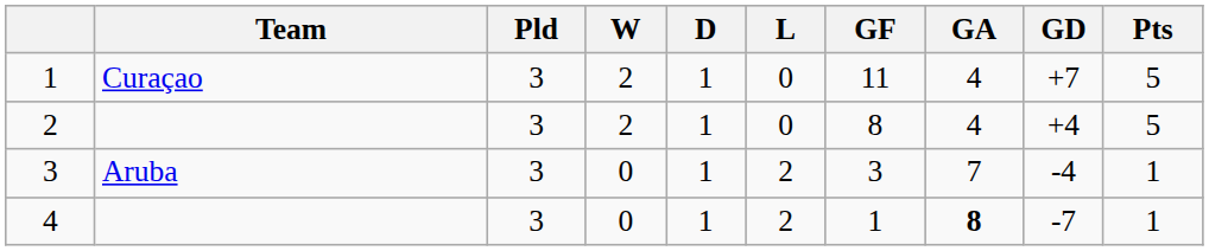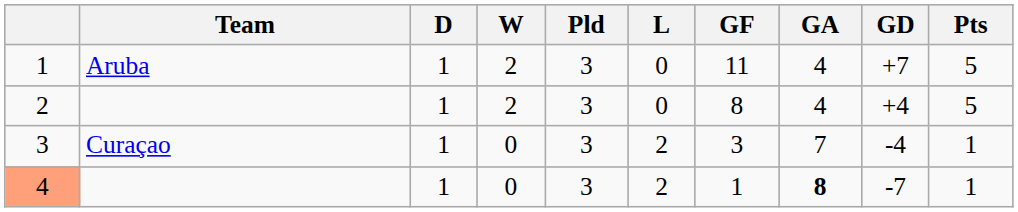 <table class="wikitable" style="text-align: center;">
 <tr>
 <th style="width: 40px;"></th>
 <th style="width: 200px;">Team</th>
+<th style="width: 35px;">D</th>
+<th style="width: 35px;">W</th>
 <th style="width: 45px;">Pld</th>
-<th style="width: 35px;">W</th>
-<th style="width: 35px;">D</th>
 <th style="width: 35px;">L</th>
 <th style="width: 45px;">GF</th>
 <th style="width: 45px;">GA</th>
 <th style="width: 35px;">GD</th>
 <th style="width: 45px;">Pts</th>
 </tr>
 <tr>
 <td>1</td>
-<td style="text-align: left;"> <a href='#'>Curaçao</a></td>
+<td style="text-align: left;"> <a href='#'>Aruba</a></td>
+<td>1</td>
+<td>2</td>
 <td>3</td>
-<td>2</td>
-<td>1</td>
 <td>0</td>
 <td>11</td>
 <td>4</td>
 <td>+7</td>
 <td>5</td>
 </tr>
 <tr>
 <td>2</td>
 <td style="text-align: left;"></td>
+<td>1</td>
+<td>2</td>
 <td>3</td>
-<td>2</td>
-<td>1</td>
 <td>0</td>
 <td>8</td>
 <td>4</td>
 <td>+4</td>
 <td>5</td>
 </tr>
 <tr>
 <td>3</td>
-<td style="text-align: left;"> <a href='#'>Aruba</a></td>
+<td style="text-align: left;"> <a href='#'>Curaçao</a></td>
+<td>1</td>
+<td>0</td>
 <td>3</td>
-<td>0</td>
-<td>1</td>
 <td>2</td>
 <td>3</td>
 <td>7</td>
 <td>-4</td>
 <td>1</td>
 </tr>
 <tr>
-<td>4</td>
+<td style="background: lightsalmon;">4</td>
 <td style="text-align: left;"></td>
+<td>1</td>
+<td>0</td>
 <td>3</td>
-<td>0</td>
-<td>1</td>
 <td>2</td>
 <td>1</td>
 <td><strong>8</strong></td>
 <td>-7</td>
 <td>1</td>
 </tr>
 </table>
